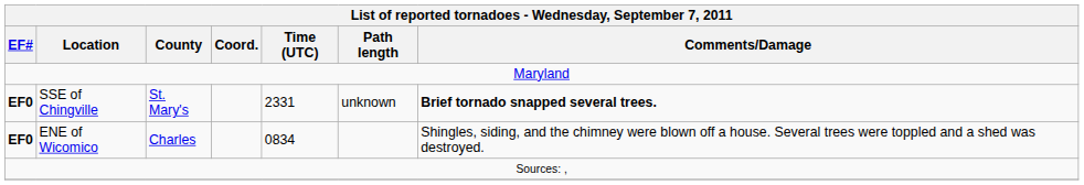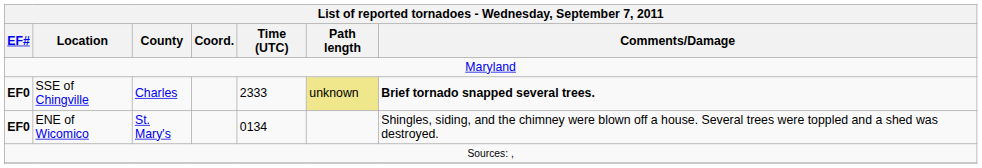 <table class="wikitable collapsible" width="100%">
 <tr>
 <th colspan="7">List of reported tornadoes - Wednesday, September 7, 2011</th>
 </tr>
 <tr>
 <th><a href='#'>EF#</a></th>
 <th>Location</th>
 <th>County</th>
 <th>Coord.</th>
 <th>Time (UTC)</th>
 <th>Path length</th>
 <th>Comments/Damage</th>
 </tr>
 <tr>
 <td colspan="7" align=center><a href='#'>Maryland</a></td>
 </tr>
 <tr>
 <td><strong>EF0</strong></td>
 <td>SSE of <a href='#'>Chingville</a></td>
-<td><a href='#'>St. Mary's</a></td>
+<td><a href='#'>Charles</a></td>
 <td></td>
-<td>2331</td>
-<td>unknown</td>
+<td>2333</td>
+<td style="background: khaki;">unknown</td>
 <td><strong>Brief tornado snapped several trees.</strong></td>
 </tr>
 <tr>
 <td><strong>EF0</strong></td>
 <td>ENE of <a href='#'>Wicomico</a></td>
-<td><a href='#'>Charles</a></td>
+<td><a href='#'>St. Mary's</a></td>
 <td></td>
-<td>0834</td>
+<td>0134</td>
 <td></td>
 <td>Shingles, siding, and the chimney were blown off a house. Several trees were toppled and a shed was destroyed.</td>
 </tr>
 <tr>
 <td colspan="7" align=center><small>Sources: , </small></td>
 </tr>
 <tr>
 </tr>
 </table>
